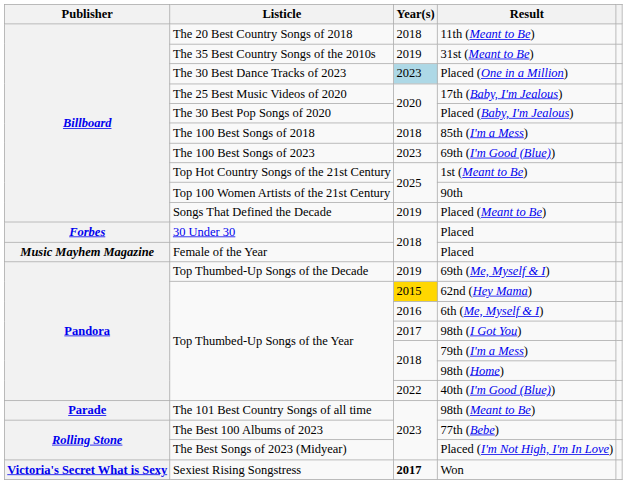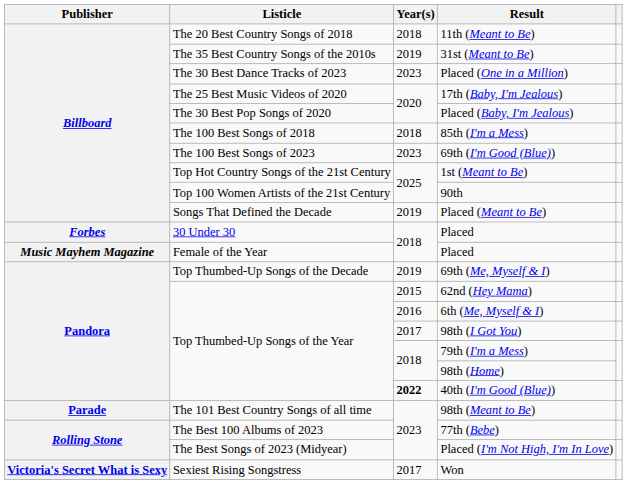 <table class="wikitable plainrowheaders sortable" style="margin-right: 0;">
 <tr>
 <th scope="col">Publisher</th>
 <th scope="col">Listicle</th>
 <th scope="col">Year(s)</th>
 <th scope="col">Result</th>
 <th scope="col" class="unsortable"></th>
 </tr>
 <tr>
 <th rowspan="10" scope="row"><em><a href='#'>Billboard</a></em></th>
 <td>The 20 Best Country Songs of 2018</td>
 <td>2018</td>
 <td>11th (<em><a href='#'>Meant to Be</a></em>)</td>
 <td style="text-align:center;"></td>
 </tr>
 <tr>
 <td>The 35 Best Country Songs of the 2010s</td>
 <td>2019</td>
 <td>31st (<em><a href='#'>Meant to Be</a></em>)</td>
 <td style="text-align:center;"></td>
 </tr>
 <tr>
 <td>The 30 Best Dance Tracks of 2023</td>
-<td style="background: lightblue;">2023</td>
+<td>2023</td>
 <td>Placed (<em><a href='#'>One in a Million</a></em>)</td>
 <td style="text-align:center;"></td>
 </tr>
 <tr>
 <td>The 25 Best Music Videos of 2020</td>
 <td rowspan="2">2020</td>
 <td>17th (<em><a href='#'>Baby, I'm Jealous</a></em>)</td>
 <td style="text-align:center;"></td>
 </tr>
 <tr>
 <td>The 30 Best Pop Songs of 2020</td>
 <td>Placed (<em><a href='#'>Baby, I'm Jealous</a></em>)</td>
 <td style="text-align:center;"></td>
 </tr>
 <tr>
 <td>The 100 Best Songs of 2018</td>
 <td>2018</td>
 <td>85th (<em><a href='#'>I'm a Mess</a></em>)</td>
 <td style="text-align:center;"></td>
 </tr>
 <tr>
 <td>The 100 Best Songs of 2023</td>
 <td>2023</td>
 <td>69th (<em><a href='#'>I'm Good (Blue)</a></em>)</td>
 <td style="text-align:center;"></td>
 </tr>
 <tr>
 <td>Top Hot Country Songs of the 21st Century</td>
 <td rowspan="2">2025</td>
 <td>1st (<em><a href='#'>Meant to Be</a></em>)</td>
 <td style="text-align:center;"></td>
 </tr>
 <tr>
 <td>Top 100 Women Artists of the 21st Century</td>
 <td>90th</td>
 <td style="text-align:center;"></td>
 </tr>
 <tr>
 <td>Songs That Defined the Decade</td>
 <td>2019</td>
 <td>Placed (<em><a href='#'>Meant to Be</a></em>)</td>
 <td style="text-align:center;"></td>
 </tr>
 <tr>
 <th scope="row"><em><a href='#'>Forbes</a></em></th>
 <td><a href='#'>30 Under 30</a></td>
 <td rowspan="2">2018</td>
 <td>Placed</td>
 <td style="text-align:center;"></td>
 </tr>
 <tr>
 <th scope="row"><em>Music Mayhem Magazine</em></th>
 <td>Female of the Year</td>
 <td>Placed</td>
 <td style="text-align:center;"></td>
 </tr>
 <tr>
 <th scope="row" rowspan="7"><a href='#'>Pandora</a></th>
 <td>Top Thumbed-Up Songs of the Decade</td>
 <td>2019</td>
 <td>69th (<em><a href='#'>Me, Myself & I</a></em>)</td>
 <td style="text-align:center;"></td>
 </tr>
 <tr>
 <td rowspan="6">Top Thumbed-Up Songs of the Year</td>
-<td style="background: gold;">2015</td>
+<td>2015</td>
 <td>62nd (<em><a href='#'>Hey Mama</a></em>)</td>
 <td style="text-align:center;"></td>
 </tr>
 <tr>
 <td>2016</td>
 <td>6th (<em><a href='#'>Me, Myself & I</a></em>)</td>
 <td style="text-align:center;"></td>
 </tr>
 <tr>
 <td>2017</td>
 <td>98th (<em><a href='#'>I Got You</a></em>)</td>
 <td style="text-align:center;"></td>
 </tr>
 <tr>
 <td rowspan="2">2018</td>
 <td>79th (<em><a href='#'>I'm a Mess</a></em>)</td>
 <td rowspan="2" style="text-align:center;"></td>
 </tr>
 <tr>
 <td>98th (<em><a href='#'>Home</a></em>)</td>
 </tr>
 <tr>
-<td>2022</td>
+<td><strong>2022</strong></td>
 <td>40th (<em><a href='#'>I'm Good (Blue)</a></em>)</td>
 <td style="text-align:center;"></td>
 </tr>
 <tr>
 <th scope="row"><a href='#'>Parade</a></th>
 <td>The 101 Best Country Songs of all time</td>
 <td rowspan="3">2023</td>
 <td>98th (<em><a href='#'>Meant to Be</a></em>)</td>
 <td style="text-align:center;"></td>
 </tr>
 <tr>
 <th rowspan="2" scope="row"><em><a href='#'>Rolling Stone</a></em></th>
 <td>The Best 100 Albums of 2023</td>
 <td>77th (<em><a href='#'>Bebe</a></em>)</td>
 <td style="text-align:center;"></td>
 </tr>
 <tr>
 <td>The Best Songs of 2023 (Midyear)</td>
 <td>Placed (<em><a href='#'>I'm Not High, I'm In Love</a></em>)</td>
 <td style="text-align:center;"></td>
 </tr>
 <tr>
 <th scope="row"><a href='#'>Victoria's Secret What is Sexy</a></th>
 <td>Sexiest Rising Songstress</td>
-<td><strong>2017</strong></td>
+<td>2017</td>
 <td>Won</td>
 <td style="text-align:center;"></td>
 </tr>
 </table>
